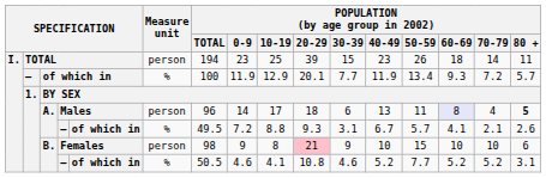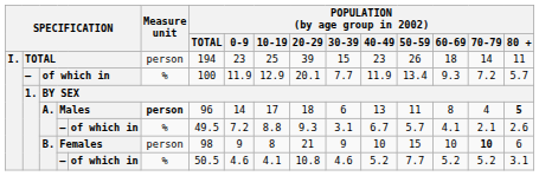 <table class="wikitable" style="font-size:85%; text-align:center">
 <tr>
 <th rowspan="2" colspan="5">SPECIFICATION</th>
 <th rowspan="2">Measure<br> unit</th>
 <th colspan="10" rowspan="1">POPULATION<br> (by age group in 2002)</th>
 </tr>
 <tr>
 <th>TOTAL</th>
 <th>0-9</th>
 <th>10-19</th>
 <th>20-29</th>
 <th>30-39</th>
 <th>40-49</th>
 <th>50-59</th>
 <th>60-69</th>
 <th>70-79</th>
 <th>80 +</th>
 </tr>
 <tr>
 <th style="text-align:left" valign="top" rowspan="7">I.</th>
 <th style="text-align:left" colspan="4">TOTAL</th>
 <td>person</td>
 <td>194</td>
 <td>23</td>
 <td>25</td>
 <td>39</td>
 <td>15</td>
 <td>23</td>
 <td>26</td>
 <td>18</td>
 <td>14</td>
 <td>11</td>
 </tr>
 <tr>
 <th style="text-align:left" valign="top">—</th>
 <th style="text-align:left" colspan="3">of which in</th>
 <td>%</td>
 <td>100</td>
 <td>11.9</td>
 <td>12.9</td>
 <td>20.1</td>
 <td>7.7</td>
 <td>11.9</td>
 <td>13.4</td>
 <td>9.3</td>
 <td>7.2</td>
 <td>5.7</td>
 </tr>
 <tr>
 <th style="text-align:left" valign="top" rowspan="5">1.</th>
 <th style="text-align:left" colspan="14">BY SEX</th>
 </tr>
 <tr>
 <th style="text-align:left" valign="top" rowspan="2">A.</th>
 <th style="text-align:left" colspan="2">Males</th>
-<td>person</td>
+<td><strong>person</strong></td>
 <td>96</td>
 <td>14</td>
 <td>17</td>
 <td>18</td>
 <td>6</td>
 <td>13</td>
 <td>11</td>
-<td style="background: lavender;">8</td>
+<td>8</td>
 <td>4</td>
 <td><strong>5</strong></td>
 </tr>
 <tr>
 <th style="text-align:left" valign="top">—</th>
 <th style="text-align:left" colspan="1">of which in</th>
 <td>%</td>
 <td>49.5</td>
 <td>7.2</td>
 <td>8.8</td>
 <td>9.3</td>
 <td>3.1</td>
 <td>6.7</td>
 <td>5.7</td>
 <td>4.1</td>
 <td>2.1</td>
 <td>2.6</td>
 </tr>
 <tr>
 <th style="text-align:left" valign="top" rowspan="2">B.</th>
 <th style="text-align:left" colspan="2">Females</th>
 <td>person</td>
 <td>98</td>
 <td>9</td>
 <td>8</td>
-<td style="background: pink;">21</td>
+<td>21</td>
 <td>9</td>
 <td>10</td>
 <td>15</td>
 <td>10</td>
-<td>10</td>
+<td><strong>10</strong></td>
 <td>6</td>
 </tr>
 <tr>
 <th style="text-align:left" valign="top">—</th>
 <th style="text-align:left" colspan="1">of which in</th>
 <td>%</td>
 <td>50.5</td>
 <td>4.6</td>
 <td>4.1</td>
 <td>10.8</td>
 <td>4.6</td>
 <td>5.2</td>
 <td>7.7</td>
 <td>5.2</td>
 <td>5.2</td>
 <td>3.1</td>
 </tr>
 </table>
